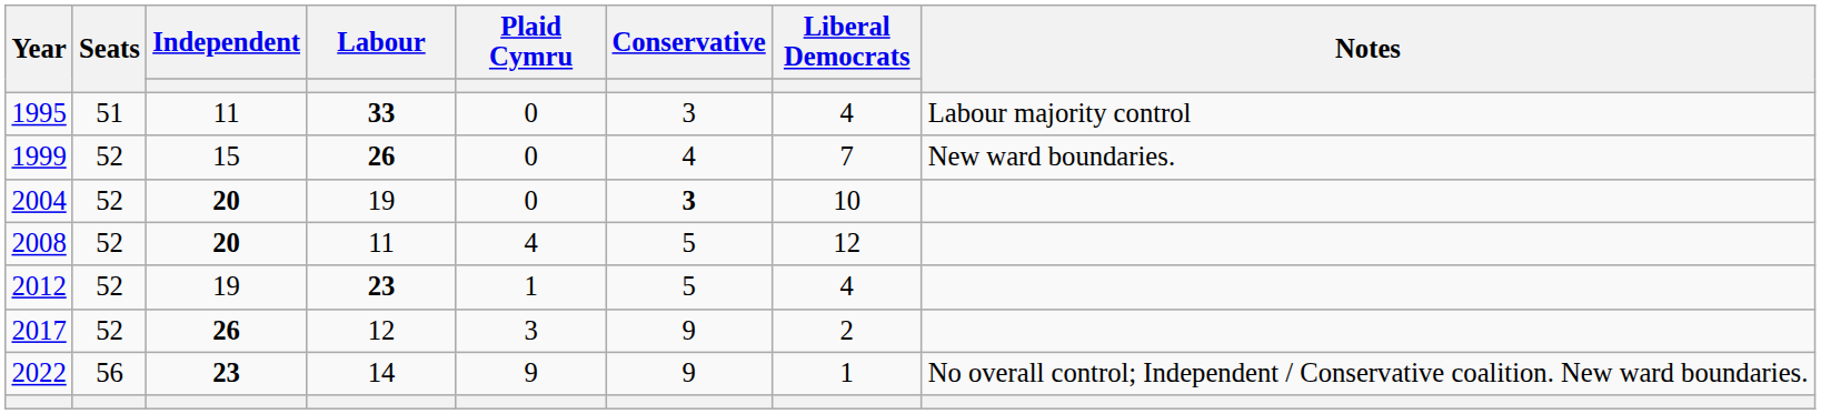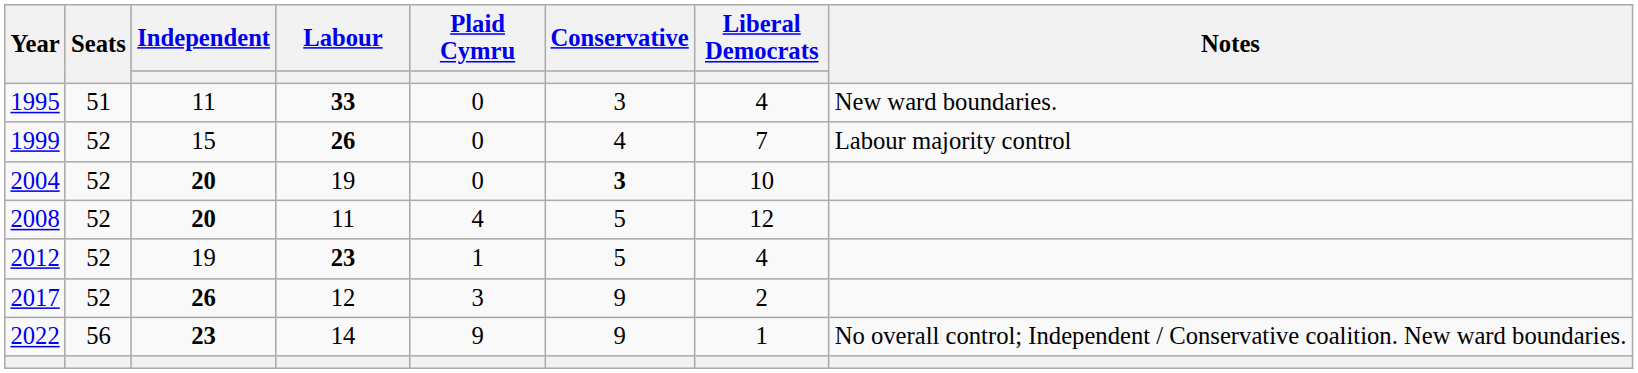 <table class="wikitable" style=text-align:center>
 <tr>
 <th rowspan=2>Year</th>
 <th rowspan=2>Seats</th>
 <th width="80"><a href='#'>Independent</a></th>
 <th width="80"><a href='#'>Labour</a></th>
 <th width="80"><a href='#'>Plaid Cymru</a></th>
 <th width="80"><a href='#'>Conservative</a></th>
 <th width="80"><a href='#'>Liberal Democrats</a></th>
 <th rowspan=2>Notes</th>
 </tr>
 <tr>
 <th style="background-color: "></th>
 <th style="background-color: "></th>
 <th style="background-color: "></th>
 <th style="background-color: "></th>
 <th style="background-color: "></th>
 </tr>
 <tr>
 <td><a href='#'>1995</a></td>
 <td>51</td>
 <td>11</td>
 <td><strong>33</strong></td>
 <td>0</td>
 <td>3</td>
 <td>4</td>
-<td align=left>Labour majority control</td>
+<td align=left>New ward boundaries.</td>
 </tr>
 <tr>
 <td><a href='#'>1999</a></td>
 <td>52</td>
 <td>15</td>
 <td><strong>26</strong></td>
 <td>0</td>
 <td>4</td>
 <td>7</td>
-<td align=left>New ward boundaries.</td>
+<td align=left>Labour majority control</td>
 </tr>
 <tr>
 <td><a href='#'>2004</a></td>
 <td>52</td>
 <td><strong>20</strong></td>
 <td>19</td>
 <td>0</td>
 <td><strong>3</strong></td>
 <td>10</td>
 <td align=left></td>
 </tr>
 <tr>
 <td><a href='#'>2008</a></td>
 <td>52</td>
 <td><strong>20</strong></td>
 <td>11</td>
 <td>4</td>
 <td>5</td>
 <td>12</td>
 <td align=left></td>
 </tr>
 <tr>
 <td><a href='#'>2012</a></td>
 <td>52</td>
 <td>19</td>
 <td><strong>23</strong></td>
 <td>1</td>
 <td>5</td>
 <td>4</td>
 <td align=left></td>
 </tr>
 <tr>
 <td><a href='#'>2017</a></td>
 <td>52</td>
 <td><strong>26</strong></td>
 <td>12</td>
 <td>3</td>
 <td>9</td>
 <td>2</td>
 <td align=left></td>
 </tr>
 <tr>
 <td><a href='#'>2022</a></td>
 <td>56</td>
 <td><strong>23</strong></td>
 <td>14</td>
 <td>9</td>
 <td>9</td>
 <td>1</td>
 <td align=left>No overall control; Independent / Conservative coalition. New ward boundaries.</td>
 </tr>
 <tr>
 <th></th>
 <th></th>
 <th style="background-color: "></th>
 <th style="background-color: "></th>
 <th style="background-color: "></th>
 <th style="background-color: "></th>
 <th style="background-color: "></th>
 <th></th>
 </tr>
 </table>
